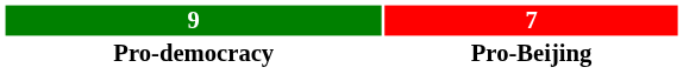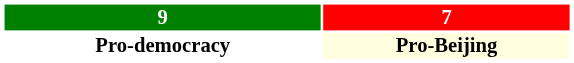 <table style="width:50%; text-align:center;">
 <tr style="color:white;">
 <td style="background:green; width:56.25%;"><strong>9</strong></td>
 <td style="background:red; width:43.75%;"><strong>7</strong></td>
 </tr>
 <tr>
 <td><span><strong>Pro-democracy</strong></span></td>
-<td><span><strong>Pro-Beijing</strong></span></td>
+<td style="background: lightyellow;"><span><strong>Pro-Beijing</strong></span></td>
 </tr>
 </table>
